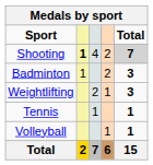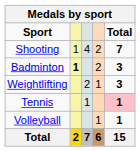 <table class=wikitable style="font-size:95%; float:right">
 <tr bgcolor=efefef>
 <th colspan=7><strong>Medals by sport</strong></th>
 </tr>
 <tr align=center>
 <td><strong>Sport</strong></td>
 <td bgcolor=f7f6a8></td>
 <td bgcolor=dce5e5></td>
 <td bgcolor=ffdab9></td>
 <td><strong>Total</strong></td>
 </tr>
 <tr align=center>
 <td><a href='#'>Shooting</a></td>
-<td style="background:#F7F6A8;"><strong>1</strong></td>
+<td style="background:#F7F6A8;">1</td>
 <td style="background:#DCE5E5;">4</td>
 <td style="background:#FFDAB9;">2</td>
-<td style="background: lightgrey;"><strong>7</strong></td>
+<td><strong>7</strong></td>
 </tr>
 <tr align=center>
 <td><a href='#'>Badminton</a></td>
-<td style="background:#F7F6A8;">1</td>
+<td style="background:#F7F6A8;"><strong>1</strong></td>
 <td style="background:#DCE5E5;"></td>
 <td style="background:#FFDAB9;">2</td>
 <td><strong>3</strong></td>
 </tr>
 <tr align=center>
 <td><a href='#'>Weightlifting</a></td>
 <td style="background:#F7F6A8;"></td>
 <td style="background:#DCE5E5;">2</td>
 <td style="background:#FFDAB9;">1</td>
 <td><strong>3</strong></td>
 </tr>
 <tr align=center>
 <td><a href='#'>Tennis</a></td>
 <td style="background:#F7F6A8;"></td>
 <td style="background:#DCE5E5;">1</td>
 <td style="background:#FFDAB9;"></td>
-<td><strong>1</strong></td>
+<td style="background: pink;"><strong>1</strong></td>
 </tr>
 <tr align=center>
 <td><a href='#'>Volleyball</a></td>
 <td style="background:#F7F6A8;"></td>
 <td style="background:#DCE5E5;"></td>
 <td style="background:#FFDAB9;">1</td>
 <td><strong>1</strong></td>
 </tr>
 <tr align=center>
 <th>Total</th>
 <th style="background:gold">2</th>
 <th style="background:silver">7</th>
 <th style="background:#c96">6</th>
 <th>15</th>
 </tr>
 </table>
